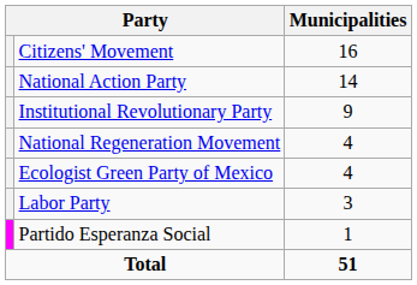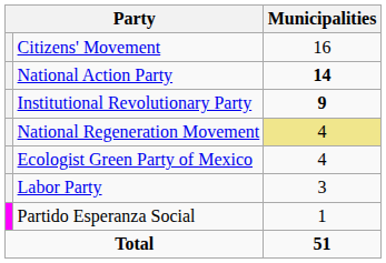 <table class="wikitable" style="text-align:center;">
 <tr>
 <th colspan="2">Party</th>
 <th>Municipalities</th>
 </tr>
 <tr>
 <th style="background-color:"></th>
 <td style="text-align:left;"><a href='#'>Citizens' Movement</a></td>
 <td>16</td>
 </tr>
 <tr>
 <th style="background-color:"></th>
 <td style="text-align:left;"><a href='#'>National Action Party</a></td>
-<td>14</td>
+<td><strong>14</strong></td>
 </tr>
 <tr>
 <th style="background-color:"></th>
 <td style="text-align:left;"><a href='#'>Institutional Revolutionary Party</a></td>
-<td>9</td>
+<td><strong>9</strong></td>
 </tr>
 <tr>
 <th style="background-color:"></th>
 <td style="text-align:left;"><a href='#'>National Regeneration Movement</a></td>
-<td>4</td>
+<td style="background: khaki;">4</td>
 </tr>
 <tr>
 <th style="background-color:"></th>
 <td style="text-align:left;"><a href='#'>Ecologist Green Party of Mexico</a></td>
 <td>4</td>
 </tr>
 <tr>
 <th style="background-color:"></th>
 <td style="text-align:left;"><a href='#'>Labor Party</a></td>
 <td>3</td>
 </tr>
 <tr>
 <th style="background-color:#ff00ff;"></th>
 <td style="text-align:left;">Partido Esperanza Social</td>
 <td>1</td>
 </tr>
 <tr>
 <td colspan="2"><strong>Total</strong></td>
 <td><strong>51</strong></td>
 </tr>
 </table>
